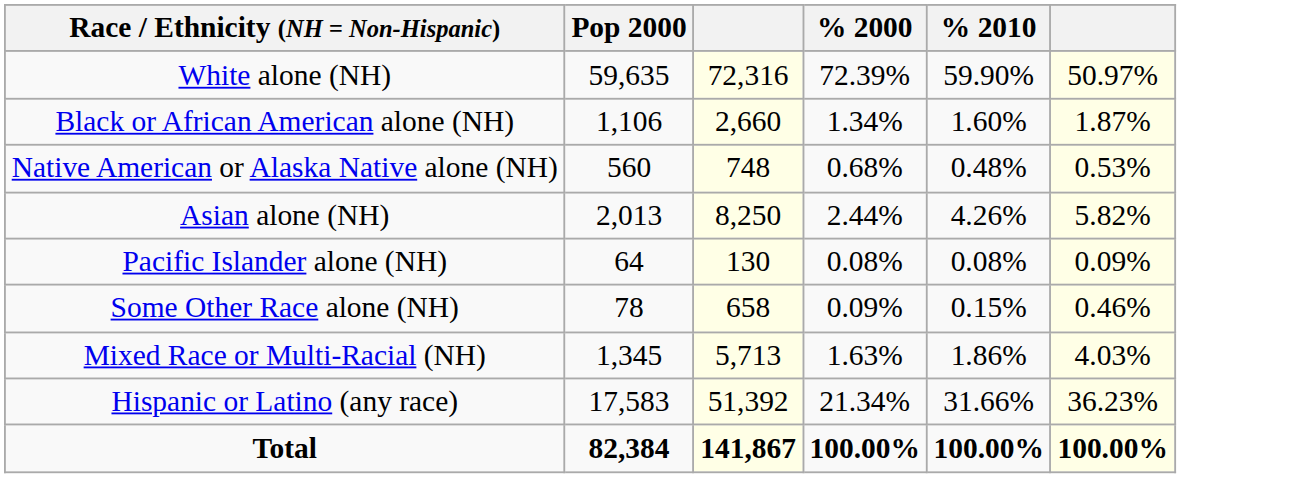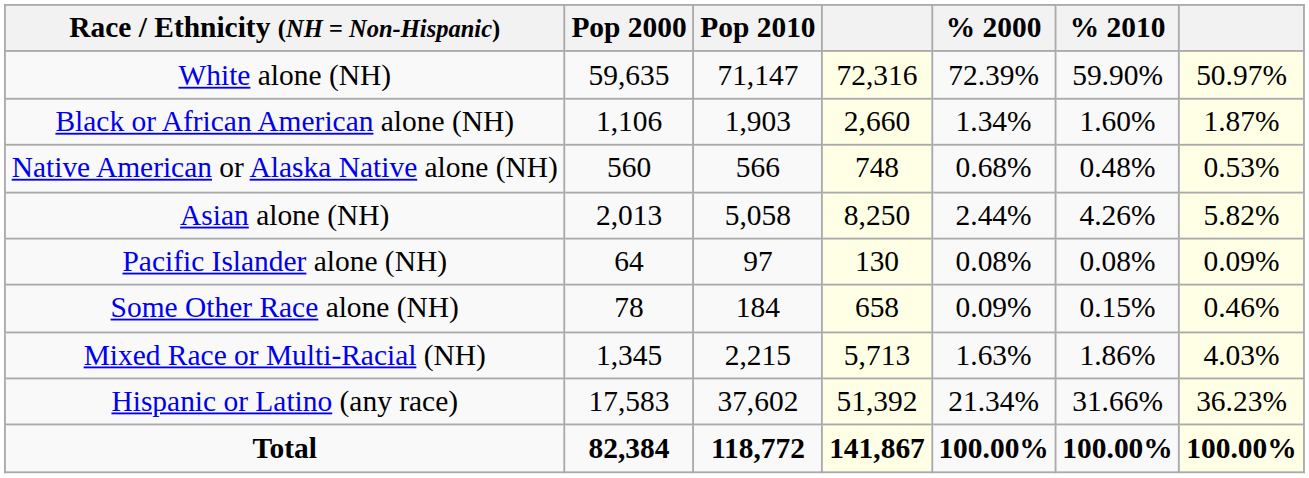 <table class="wikitable" style="text-align:center;">
 <tr>
 <th>Race / Ethnicity <small>(<em>NH = Non-Hispanic</em>)</small></th>
 <th>Pop 2000</th>
+<th>Pop 2010</th>
 <th></th>
 <th>% 2000</th>
 <th>% 2010</th>
 <th></th>
 </tr>
 <tr>
 <td><a href='#'>White</a> alone (NH)</td>
 <td>59,635</td>
+<td>71,147</td>
 <td style='background: #ffffe6;'>72,316</td>
 <td>72.39%</td>
 <td>59.90%</td>
 <td style='background: #ffffe6;'>50.97%</td>
 </tr>
 <tr>
 <td><a href='#'>Black or African American</a> alone (NH)</td>
 <td>1,106</td>
+<td>1,903</td>
 <td style='background: #ffffe6;'>2,660</td>
 <td>1.34%</td>
 <td>1.60%</td>
 <td style='background: #ffffe6;'>1.87%</td>
 </tr>
 <tr>
 <td><a href='#'>Native American</a> or <a href='#'>Alaska Native</a> alone (NH)</td>
 <td>560</td>
+<td>566</td>
 <td style='background: #ffffe6;'>748</td>
 <td>0.68%</td>
 <td>0.48%</td>
 <td style='background: #ffffe6;'>0.53%</td>
 </tr>
 <tr>
 <td><a href='#'>Asian</a> alone (NH)</td>
 <td>2,013</td>
+<td>5,058</td>
 <td style='background: #ffffe6;'>8,250</td>
 <td>2.44%</td>
 <td>4.26%</td>
 <td style='background: #ffffe6;'>5.82%</td>
 </tr>
 <tr>
 <td><a href='#'>Pacific Islander</a> alone (NH)</td>
 <td>64</td>
+<td>97</td>
 <td style='background: #ffffe6;'>130</td>
 <td>0.08%</td>
 <td>0.08%</td>
 <td style='background: #ffffe6;'>0.09%</td>
 </tr>
 <tr>
 <td><a href='#'>Some Other Race</a> alone (NH)</td>
 <td>78</td>
+<td>184</td>
 <td style='background: #ffffe6;'>658</td>
 <td>0.09%</td>
 <td>0.15%</td>
 <td style='background: #ffffe6;'>0.46%</td>
 </tr>
 <tr>
 <td><a href='#'>Mixed Race or Multi-Racial</a> (NH)</td>
 <td>1,345</td>
+<td>2,215</td>
 <td style='background: #ffffe6;'>5,713</td>
 <td>1.63%</td>
 <td>1.86%</td>
 <td style='background: #ffffe6;'>4.03%</td>
 </tr>
 <tr>
 <td><a href='#'>Hispanic or Latino</a> (any race)</td>
 <td>17,583</td>
+<td>37,602</td>
 <td style='background: #ffffe6;'>51,392</td>
 <td>21.34%</td>
 <td>31.66%</td>
 <td style='background: #ffffe6;'>36.23%</td>
 </tr>
 <tr>
 <td><strong>Total</strong></td>
 <td><strong>82,384</strong></td>
+<td><strong>118,772</strong></td>
 <td style='background: #ffffe6;'><strong>141,867</strong></td>
 <td><strong>100.00%</strong></td>
 <td><strong>100.00%</strong></td>
 <td style='background: #ffffe6;'><strong>100.00%</strong></td>
 </tr>
 </table>
